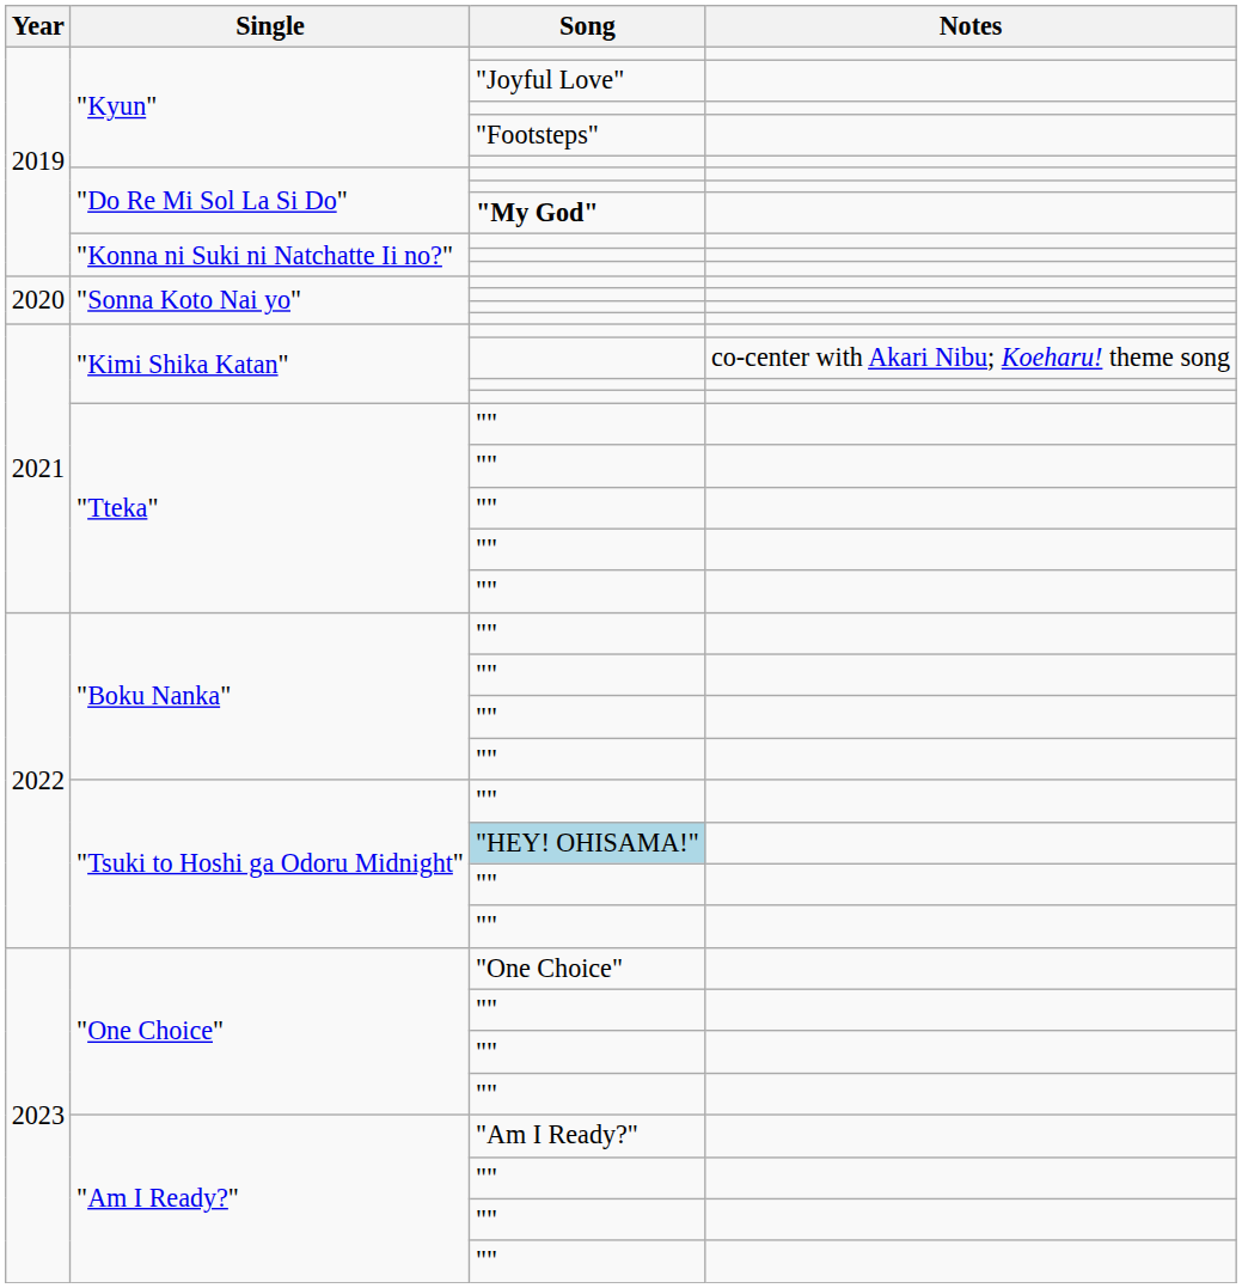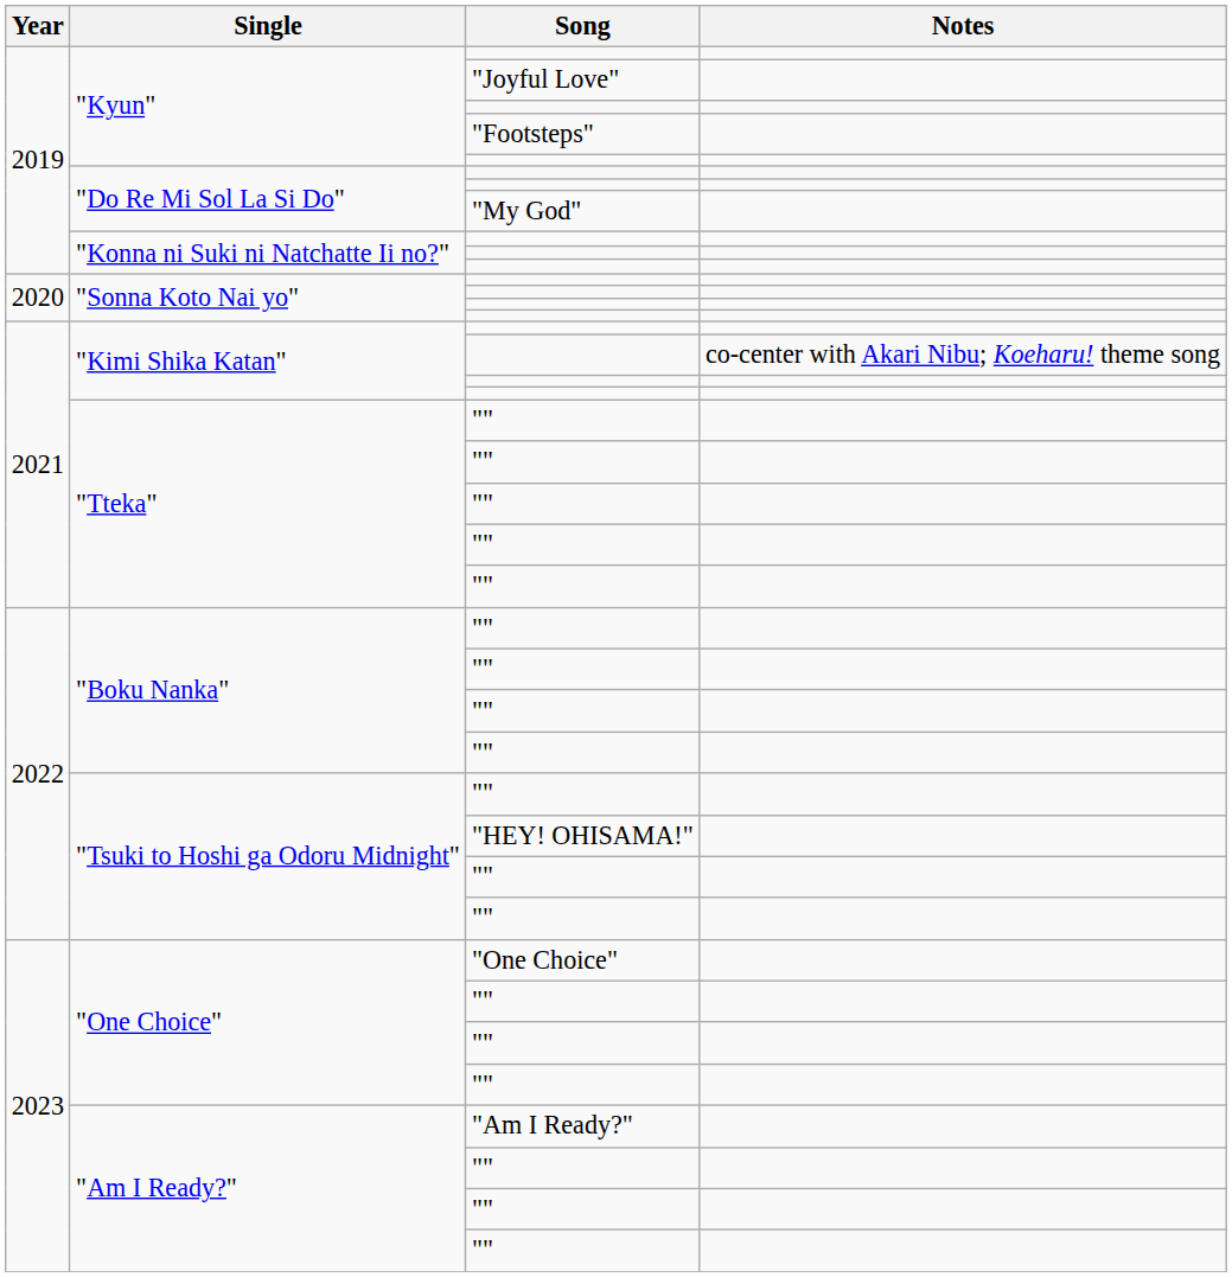 <table class="wikitable">
 <tr>
 <th>Year</th>
 <th>Single</th>
 <th>Song</th>
 <th>Notes</th>
 </tr>
 <tr>
 <td rowspan="11">2019</td>
 <td rowspan="5">"<a href='#'>Kyun</a>"</td>
 <td></td>
 <td></td>
 </tr>
 <tr>
 <td>"Joyful Love"</td>
 <td></td>
 </tr>
 <tr>
 <td></td>
 <td></td>
 </tr>
 <tr>
 <td>"Footsteps"</td>
 <td></td>
 </tr>
 <tr>
 <td></td>
 <td></td>
 </tr>
 <tr>
 <td rowspan="3">"<a href='#'>Do Re Mi Sol La Si Do</a>"</td>
 <td></td>
 <td></td>
 </tr>
 <tr>
 <td></td>
 <td></td>
 </tr>
 <tr>
-<td><strong>"My God"</strong></td>
+<td>"My God"</td>
 <td></td>
 </tr>
 <tr>
 <td rowspan="3">"<a href='#'>Konna ni Suki ni Natchatte Ii no?</a>"</td>
 <td></td>
 <td></td>
 </tr>
 <tr>
 <td></td>
 <td></td>
 </tr>
 <tr>
 <td></td>
 <td></td>
 </tr>
 <tr>
 <td rowspan="4">2020</td>
 <td rowspan="4">"<a href='#'>Sonna Koto Nai yo</a>"</td>
 <td></td>
 <td></td>
 </tr>
 <tr>
 <td></td>
 <td></td>
 </tr>
 <tr>
 <td></td>
 <td></td>
 </tr>
 <tr>
 <td></td>
 <td></td>
 </tr>
 <tr>
 <td rowspan="9">2021</td>
 <td rowspan="4">"<a href='#'>Kimi Shika Katan</a>"</td>
 <td></td>
 <td></td>
 </tr>
 <tr>
 <td></td>
 <td>co-center with <a href='#'>Akari Nibu</a>; <em><a href='#'>Koeharu!</a></em> theme song</td>
 </tr>
 <tr>
 <td></td>
 <td></td>
 </tr>
 <tr>
 <td></td>
 <td></td>
 </tr>
 <tr>
 <td rowspan="5">"<a href='#'>Tteka</a>"</td>
 <td>""</td>
 <td></td>
 </tr>
 <tr>
 <td>""</td>
 <td></td>
 </tr>
 <tr>
 <td>""</td>
 <td></td>
 </tr>
 <tr>
 <td>""</td>
 <td></td>
 </tr>
 <tr>
 <td>""</td>
 <td></td>
 </tr>
 <tr>
 <td rowspan="8">2022</td>
 <td rowspan="4">"<a href='#'>Boku Nanka</a>"</td>
 <td>""</td>
 <td></td>
 </tr>
 <tr>
 <td>""</td>
 <td></td>
 </tr>
 <tr>
 <td>""</td>
 <td></td>
 </tr>
 <tr>
 <td>""</td>
 <td></td>
 </tr>
 <tr>
 <td rowspan="4">"<a href='#'>Tsuki to Hoshi ga Odoru Midnight</a>"</td>
 <td>""</td>
 <td></td>
 </tr>
 <tr>
-<td style="background: lightblue;">"HEY! OHISAMA!"</td>
+<td>"HEY! OHISAMA!"</td>
 <td></td>
 </tr>
 <tr>
 <td>""</td>
 <td></td>
 </tr>
 <tr>
 <td>""</td>
 <td></td>
 </tr>
 <tr>
 <td rowspan="8">2023</td>
 <td rowspan="4">"<a href='#'>One Choice</a>"</td>
 <td>"One Choice"</td>
 <td></td>
 </tr>
 <tr>
 <td>""</td>
 <td></td>
 </tr>
 <tr>
 <td>""</td>
 <td></td>
 </tr>
 <tr>
 <td>""</td>
 <td></td>
 </tr>
 <tr>
 <td rowspan="4">"<a href='#'>Am I Ready?</a>"</td>
 <td>"Am I Ready?"</td>
 <td></td>
 </tr>
 <tr>
 <td>""</td>
 <td></td>
 </tr>
 <tr>
 <td>""</td>
 <td></td>
 </tr>
 <tr>
 <td>""</td>
 <td></td>
 </tr>
 </table>
